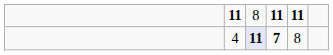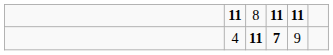 <table class="wikitable">
 <tr>
 <td style="width:15em"></td>
 <td align=center style="width:1em"><strong>11</strong></td>
 <td align=center style="width:1em">8</td>
 <td align=center style="width:1em"><strong>11</strong></td>
 <td align=center style="width:1em"><strong>11</strong></td>
 <td align=center style="width:1em"></td>
 </tr>
 <tr>
 <td style="width:15em"></td>
 <td align=center style="width:1em">4</td>
-<td align=center style="background: lavender; width:1em"><strong>11</strong></td>
+<td align=center style="width:1em"><strong>11</strong></td>
 <td align=center style="width:1em"><strong>7</strong></td>
-<td align=center style="width:1em">8</td>
+<td align=center style="width:1em">9</td>
 <td align=center style="width:1em"></td>
 </tr>
 </table>
